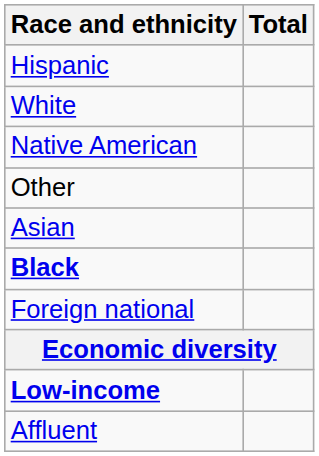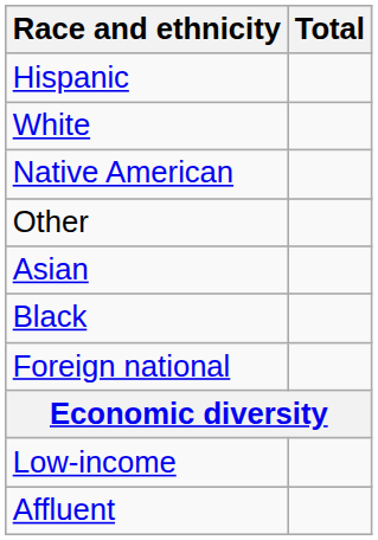 <table class="wikitable floatright sortable collapsible"; text-align:right; font-size:80%;">
 <tr>
 <th>Race and ethnicity</th>
 <th colspan="2" data-sort-type=number>Total</th>
 </tr>
 <tr>
 <td><a href='#'>Hispanic</a></td>
 <td align=right></td>
 </tr>
 <tr>
 <td><a href='#'>White</a></td>
 <td align=right></td>
 </tr>
 <tr>
 <td><a href='#'>Native American</a></td>
 <td align=right></td>
 </tr>
 <tr>
 <td>Other</td>
 <td align=right></td>
 </tr>
 <tr>
 <td><a href='#'>Asian</a></td>
 <td align=right></td>
 </tr>
 <tr>
-<td><strong><a href='#'>Black</a></strong></td>
+<td><a href='#'>Black</a></td>
 <td align=right></td>
 </tr>
 <tr>
 <td><a href='#'>Foreign national</a></td>
 <td align=right></td>
 </tr>
 <tr>
 <th colspan="4" data-sort-type=number><a href='#'>Economic diversity</a></th>
 </tr>
 <tr>
-<td><strong><a href='#'>Low-income</a></strong></td>
+<td><a href='#'>Low-income</a></td>
 <td align=right></td>
 </tr>
 <tr>
 <td><a href='#'>Affluent</a></td>
 <td align=right></td>
 </tr>
 </table>
